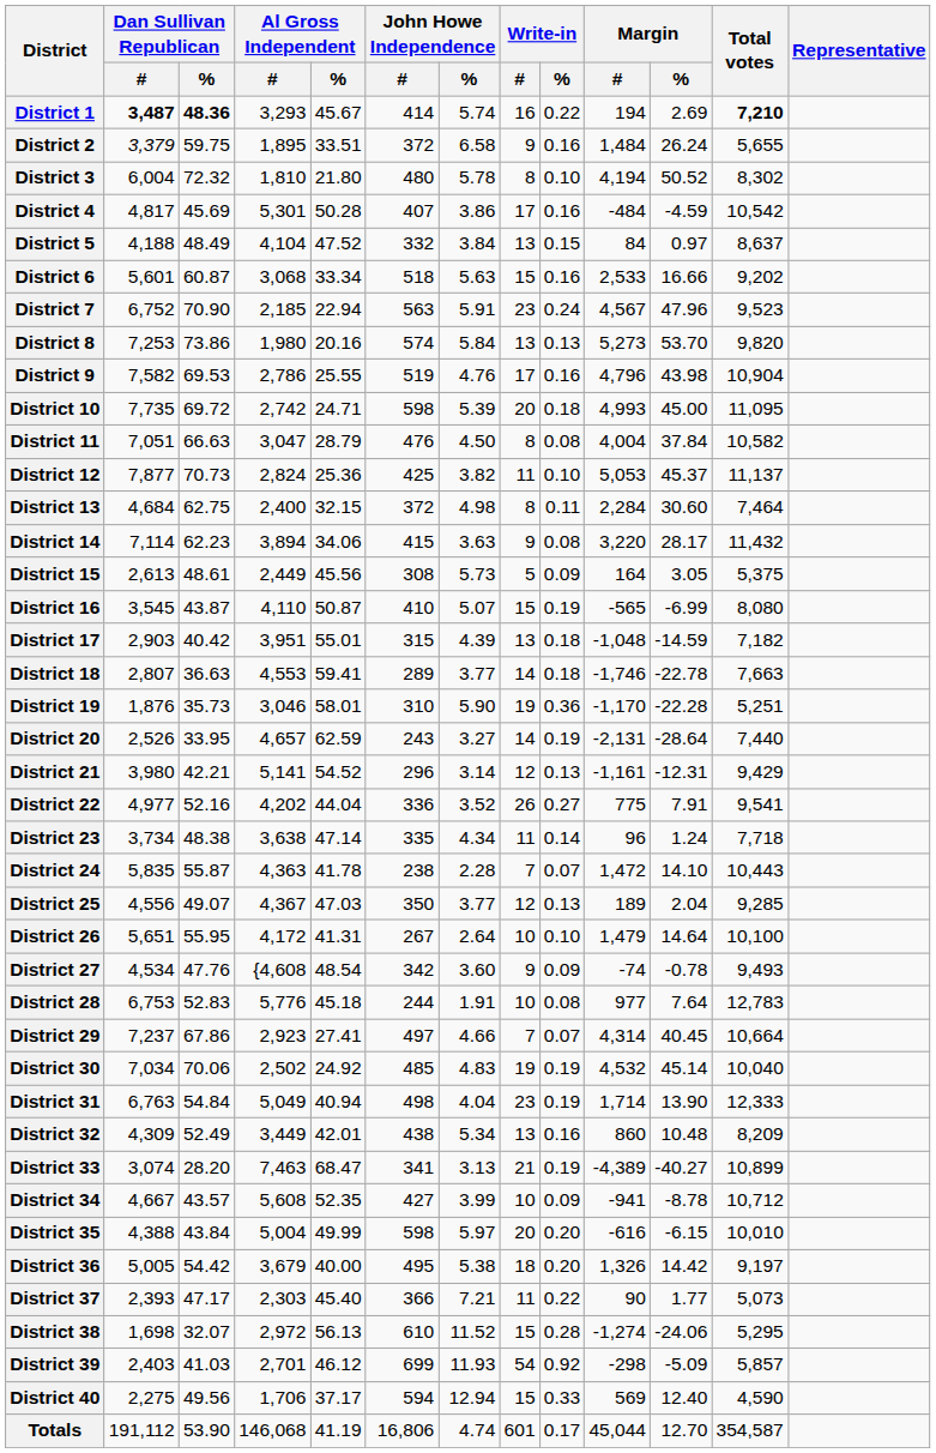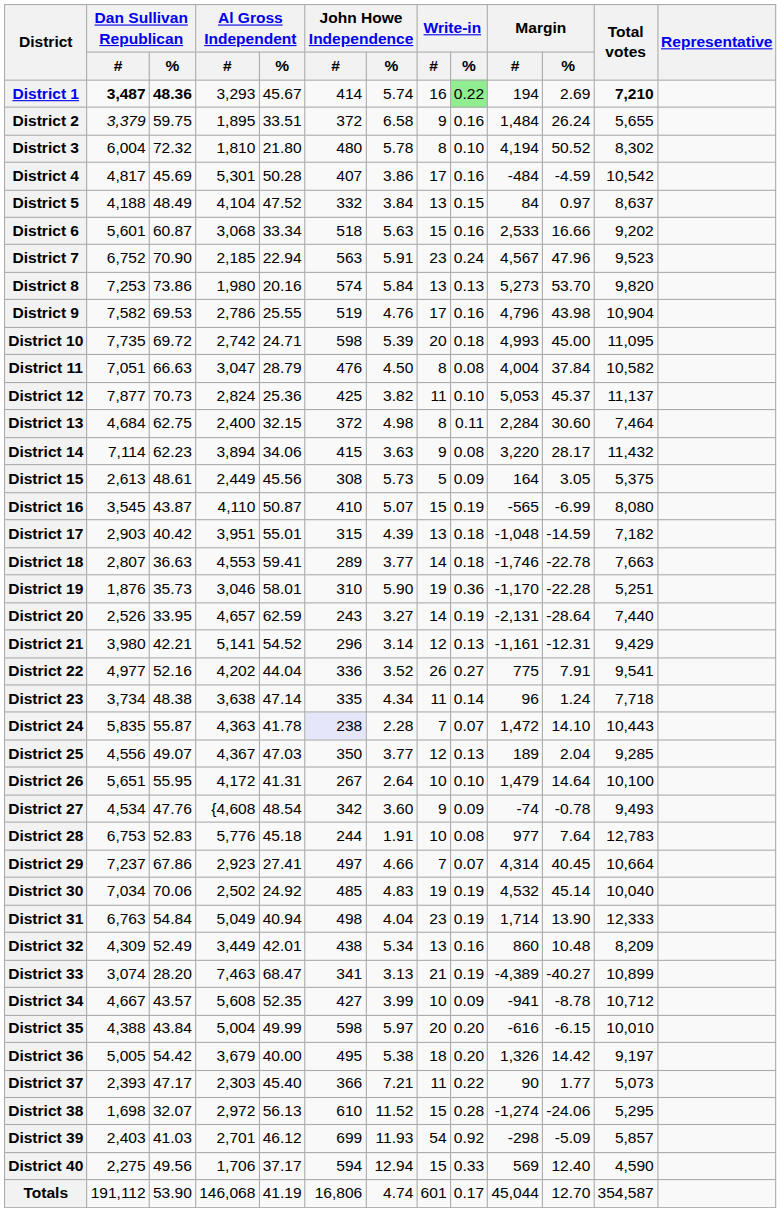 <table class="wikitable sortable"  style="text-align:right;font-size:90%;line-height:1.3">
 <tr>
 <th rowspan="2">District</th>
 <th colspan="2"><a href='#'>Dan Sullivan</a><br><a href='#'>Republican</a></th>
 <th colspan="2"><a href='#'>Al Gross</a><br><a href='#'>Independent</a></th>
 <th colspan="2">John Howe<br><a href='#'>Independence</a></th>
 <th colspan="2"><a href='#'>Write-in</a></th>
 <th colspan="2">Margin</th>
 <th rowspan="2">Total<br>votes</th>
 <th rowspan="2"><a href='#'>Representative</a></th>
 </tr>
 <tr>
 <th data-sort-type="number">#</th>
 <th data-sort-type="number">%</th>
 <th data-sort-type="number">#</th>
 <th data-sort-type="number">%</th>
 <th data-sort-type="number">#</th>
 <th data-sort-type="number">%</th>
 <th data-sort-type="number">#</th>
 <th data-sort-type="number">%</th>
 <th data-sort-type="number">#</th>
 <th data-sort-type="number">%</th>
 </tr>
 <tr>
 <th><a href='#'>District 1</a></th>
 <td><strong>3,487</strong></td>
 <td><strong>48.36</strong></td>
 <td>3,293</td>
 <td>45.67</td>
 <td>414</td>
 <td>5.74</td>
 <td>16</td>
-<td>0.22</td>
+<td style="background: lightgreen;">0.22</td>
 <td>194</td>
 <td>2.69</td>
 <td><strong>7,210</strong></td>
 <td align=center></td>
 </tr>
 <tr>
 <th>District 2</th>
 <td><em>3,379<strong></td>
 <td></strong>59.75<strong></td>
 <td>1,895</td>
 <td>33.51</td>
 <td>372</td>
 <td>6.58</td>
 <td>9</td>
 <td>0.16</td>
 <td>1,484</td>
 <td>26.24</td>
 <td></strong>5,655<strong></td>
 <td align=center></td>
 </tr>
 <tr>
 <th>District 3</th>
 <td></strong>6,004<strong></td>
 <td></strong>72.32<strong></td>
 <td>1,810</td>
 <td>21.80</td>
 <td>480</td>
 <td>5.78</td>
 <td>8</td>
 <td>0.10</td>
 <td>4,194</td>
 <td>50.52</td>
 <td></strong>8,302<strong></td>
 <td align=center></td>
 </tr>
 <tr>
 <th>District 4</th>
 <td>4,817</td>
 <td>45.69</td>
 <td></strong>5,301<strong></td>
 <td></strong>50.28<strong></td>
 <td>407</td>
 <td>3.86</td>
 <td>17</td>
 <td>0.16</td>
 <td>-484</td>
 <td>-4.59</td>
 <td></strong>10,542<strong></td>
 <td align=center ></td>
 </tr>
 <tr>
 <th>District 5</th>
 <td></strong>4,188<strong></td>
 <td></strong>48.49<strong></td>
 <td>4,104</td>
 <td>47.52</td>
 <td>332</td>
 <td>3.84</td>
 <td>13</td>
 <td>0.15</td>
 <td>84</td>
 <td>0.97</td>
 <td></strong>8,637<strong></td>
 <td align=center ></td>
 </tr>
 <tr>
 <th>District 6</th>
 <td></strong>5,601<strong></td>
 <td></strong>60.87<strong></td>
 <td>3,068</td>
 <td>33.34</td>
 <td>518</td>
 <td>5.63</td>
 <td>15</td>
 <td>0.16</td>
 <td>2,533</td>
 <td>16.66</td>
 <td></strong>9,202<strong></td>
 <td align=center></td>
 </tr>
 <tr>
 <th>District 7</th>
 <td></strong>6,752<strong></td>
 <td></strong>70.90<strong></td>
 <td>2,185</td>
 <td>22.94</td>
 <td>563</td>
 <td>5.91</td>
 <td>23</td>
 <td>0.24</td>
 <td>4,567</td>
 <td>47.96</td>
 <td></strong>9,523<strong></td>
 <td align=center></td>
 </tr>
 <tr>
 <th>District 8</th>
 <td></strong>7,253<strong></td>
 <td></strong>73.86<strong></td>
 <td>1,980</td>
 <td>20.16</td>
 <td>574</td>
 <td>5.84</td>
 <td>13</td>
 <td>0.13</td>
 <td>5,273</td>
 <td>53.70</td>
 <td></strong>9,820<strong></td>
 <td align=center></td>
 </tr>
 <tr>
 <th>District 9</th>
 <td></strong>7,582<strong></td>
 <td></strong>69.53<strong></td>
 <td>2,786</td>
 <td>25.55</td>
 <td>519</td>
 <td>4.76</td>
 <td>17</td>
 <td>0.16</td>
 <td>4,796</td>
 <td>43.98</td>
 <td></strong>10,904<strong></td>
 <td align=center></td>
 </tr>
 <tr>
 <th>District 10</th>
 <td></strong>7,735<strong></td>
 <td></strong>69.72<strong></td>
 <td>2,742</td>
 <td>24.71</td>
 <td>598</td>
 <td>5.39</td>
 <td>20</td>
 <td>0.18</td>
 <td>4,993</td>
 <td>45.00</td>
 <td></strong>11,095<strong></td>
 <td align=center></td>
 </tr>
 <tr>
 <th>District 11</th>
 <td></strong>7,051<strong></td>
 <td></strong>66.63<strong></td>
 <td>3,047</td>
 <td>28.79</td>
 <td>476</td>
 <td>4.50</td>
 <td>8</td>
 <td>0.08</td>
 <td>4,004</td>
 <td>37.84</td>
 <td></strong>10,582<strong></td>
 <td align=center></td>
 </tr>
 <tr>
 <th>District 12</th>
 <td></strong>7,877<strong></td>
 <td></strong>70.73<strong></td>
 <td>2,824</td>
 <td>25.36</td>
 <td>425</td>
 <td>3.82</td>
 <td>11</td>
 <td>0.10</td>
 <td>5,053</td>
 <td>45.37</td>
 <td></strong>11,137<strong></td>
 <td align=center></td>
 </tr>
 <tr>
 <th>District 13</th>
 <td></strong>4,684<strong></td>
 <td></strong>62.75<strong></td>
 <td>2,400</td>
 <td>32.15</td>
 <td>372</td>
 <td>4.98</td>
 <td>8</td>
 <td>0.11</td>
 <td>2,284</td>
 <td>30.60</td>
 <td></strong>7,464<strong></td>
 <td align=center></td>
 </tr>
 <tr>
 <th>District 14</th>
 <td></strong>7,114<strong></td>
 <td></strong>62.23<strong></td>
 <td>3,894</td>
 <td>34.06</td>
 <td>415</td>
 <td>3.63</td>
 <td>9</td>
 <td>0.08</td>
 <td>3,220</td>
 <td>28.17</td>
 <td></strong>11,432<strong></td>
 <td align=center></td>
 </tr>
 <tr>
 <th>District 15</th>
 <td></strong>2,613<strong></td>
 <td></strong>48.61<strong></td>
 <td>2,449</td>
 <td>45.56</td>
 <td>308</td>
 <td>5.73</td>
 <td>5</td>
 <td>0.09</td>
 <td>164</td>
 <td>3.05</td>
 <td></strong>5,375<strong></td>
 <td align=center></td>
 </tr>
 <tr>
 <th>District 16</th>
 <td>3,545</td>
 <td>43.87</td>
 <td></strong>4,110<strong></td>
 <td></strong>50.87<strong></td>
 <td>410</td>
 <td>5.07</td>
 <td>15</td>
 <td>0.19</td>
 <td>-565</td>
 <td>-6.99</td>
 <td></strong>8,080<strong></td>
 <td align=center ></td>
 </tr>
 <tr>
 <th>District 17</th>
 <td>2,903</td>
 <td>40.42</td>
 <td></strong>3,951<strong></td>
 <td></strong>55.01<strong></td>
 <td>315</td>
 <td>4.39</td>
 <td>13</td>
 <td>0.18</td>
 <td>-1,048</td>
 <td>-14.59</td>
 <td></strong>7,182<strong></td>
 <td align=center ></td>
 </tr>
 <tr>
 <th>District 18</th>
 <td>2,807</td>
 <td>36.63</td>
 <td></strong>4,553<strong></td>
 <td></strong>59.41<strong></td>
 <td>289</td>
 <td>3.77</td>
 <td>14</td>
 <td>0.18</td>
 <td>-1,746</td>
 <td>-22.78</td>
 <td></strong>7,663<strong></td>
 <td align=center ></td>
 </tr>
 <tr>
 <th>District 19</th>
 <td>1,876</td>
 <td>35.73</td>
 <td></strong>3,046<strong></td>
 <td></strong>58.01<strong></td>
 <td>310</td>
 <td>5.90</td>
 <td>19</td>
 <td>0.36</td>
 <td>-1,170</td>
 <td>-22.28</td>
 <td></strong>5,251<strong></td>
 <td align=center ></td>
 </tr>
 <tr>
 <th>District 20</th>
 <td>2,526</td>
 <td>33.95</td>
 <td></strong>4,657<strong></td>
 <td></strong>62.59<strong></td>
 <td>243</td>
 <td>3.27</td>
 <td>14</td>
 <td>0.19</td>
 <td>-2,131</td>
 <td>-28.64</td>
 <td></strong>7,440<strong></td>
 <td align=center ></td>
 </tr>
 <tr>
 <th>District 21</th>
 <td>3,980</td>
 <td>42.21</td>
 <td></strong>5,141<strong></td>
 <td></strong>54.52<strong></td>
 <td>296</td>
 <td>3.14</td>
 <td>12</td>
 <td>0.13</td>
 <td>-1,161</td>
 <td>-12.31</td>
 <td></strong>9,429<strong></td>
 <td align=center ></td>
 </tr>
 <tr>
 <th>District 22</th>
 <td></strong>4,977<strong></td>
 <td></strong>52.16<strong></td>
 <td>4,202</td>
 <td>44.04</td>
 <td>336</td>
 <td>3.52</td>
 <td>26</td>
 <td>0.27</td>
 <td>775</td>
 <td>7.91</td>
 <td></strong>9,541<strong></td>
 <td align=center></td>
 </tr>
 <tr>
 <th>District 23</th>
 <td></strong>3,734<strong></td>
 <td></strong>48.38<strong></td>
 <td>3,638</td>
 <td>47.14</td>
 <td>335</td>
 <td>4.34</td>
 <td>11</td>
 <td>0.14</td>
 <td>96</td>
 <td>1.24</td>
 <td></strong>7,718<strong></td>
 <td align=center ></td>
 </tr>
 <tr>
 <th>District 24</th>
 <td></strong>5,835<strong></td>
 <td></strong>55.87<strong></td>
 <td>4,363</td>
 <td>41.78</td>
-<td>238</td>
+<td style="background: lavender;">238</td>
 <td>2.28</td>
 <td>7</td>
 <td>0.07</td>
 <td>1,472</td>
 <td>14.10</td>
 <td></strong>10,443<strong></td>
 <td align=center></td>
 </tr>
 <tr>
 <th>District 25</th>
 <td></strong>4,556<strong></td>
 <td></strong>49.07<strong></td>
 <td>4,367</td>
 <td>47.03</td>
 <td>350</td>
 <td>3.77</td>
 <td>12</td>
 <td>0.13</td>
 <td>189</td>
 <td>2.04</td>
 <td></strong>9,285<strong></td>
 <td align=center ></td>
 </tr>
 <tr>
 <th>District 26</th>
 <td></strong>5,651<strong></td>
 <td></strong>55.95<strong></td>
 <td>4,172</td>
 <td>41.31</td>
 <td>267</td>
 <td>2.64</td>
 <td>10</td>
 <td>0.10</td>
 <td>1,479</td>
 <td>14.64</td>
 <td></strong>10,100<strong></td>
 <td align=center></td>
 </tr>
 <tr>
 <th>District 27</th>
 <td>4,534</td>
 <td>47.76</td>
 <td>{</strong>4,608<strong></td>
 <td></strong>48.54<strong></td>
 <td>342</td>
 <td>3.60</td>
 <td>9</td>
 <td>0.09</td>
 <td>-74</td>
 <td>-0.78</td>
 <td></strong>9,493<strong></td>
 <td align=center ></td>
 </tr>
 <tr>
 <th>District 28</th>
 <td></strong>6,753<strong></td>
 <td></strong>52.83<strong></td>
 <td>5,776</td>
 <td>45.18</td>
 <td>244</td>
 <td>1.91</td>
 <td>10</td>
 <td>0.08</td>
 <td>977</td>
 <td>7.64</td>
 <td></strong>12,783<strong></td>
 <td align=center></td>
 </tr>
 <tr>
 <th>District 29</th>
 <td></strong>7,237<strong></td>
 <td></strong>67.86<strong></td>
 <td>2,923</td>
 <td>27.41</td>
 <td>497</td>
 <td>4.66</td>
 <td>7</td>
 <td>0.07</td>
 <td>4,314</td>
 <td>40.45</td>
 <td></strong>10,664<strong></td>
 <td align=center></td>
 </tr>
 <tr>
 <th>District 30</th>
 <td></strong>7,034<strong></td>
 <td></strong>70.06<strong></td>
 <td>2,502</td>
 <td>24.92</td>
 <td>485</td>
 <td>4.83</td>
 <td>19</td>
 <td>0.19</td>
 <td>4,532</td>
 <td>45.14</td>
 <td></strong>10,040<strong></td>
 <td align=center></td>
 </tr>
 <tr>
 <th>District 31</th>
 <td></strong>6,763<strong></td>
 <td></strong>54.84<strong></td>
 <td>5,049</td>
 <td>40.94</td>
 <td>498</td>
 <td>4.04</td>
 <td>23</td>
 <td>0.19</td>
 <td>1,714</td>
 <td>13.90</td>
 <td></strong>12,333<strong></td>
 <td align=center></td>
 </tr>
 <tr>
 <th>District 32</th>
 <td></strong>4,309<strong></td>
 <td></strong>52.49<strong></td>
 <td>3,449</td>
 <td>42.01</td>
 <td>438</td>
 <td>5.34</td>
 <td>13</td>
 <td>0.16</td>
 <td>860</td>
 <td>10.48</td>
 <td></strong>8,209<strong></td>
 <td align=center></td>
 </tr>
 <tr>
 <th>District 33</th>
 <td>3,074</td>
 <td>28.20</td>
 <td></strong>7,463<strong></td>
 <td></strong>68.47<strong></td>
 <td>341</td>
 <td>3.13</td>
 <td>21</td>
 <td>0.19</td>
 <td>-4,389</td>
 <td>-40.27</td>
 <td></strong>10,899<strong></td>
 <td align=center ></td>
 </tr>
 <tr>
 <th>District 34</th>
 <td>4,667</td>
 <td>43.57</td>
 <td></strong>5,608<strong></td>
 <td></strong>52.35<strong></td>
 <td>427</td>
 <td>3.99</td>
 <td>10</td>
 <td>0.09</td>
 <td>-941</td>
 <td>-8.78</td>
 <td></strong>10,712<strong></td>
 <td align=center ></td>
 </tr>
 <tr>
 <th>District 35</th>
 <td>4,388</td>
 <td>43.84</td>
 <td></strong>5,004<strong></td>
 <td></strong>49.99<strong></td>
 <td>598</td>
 <td>5.97</td>
 <td>20</td>
 <td>0.20</td>
 <td>-616</td>
 <td>-6.15</td>
 <td></strong>10,010<strong></td>
 <td align=center ></td>
 </tr>
 <tr>
 <th>District 36</th>
 <td></strong>5,005<strong></td>
 <td></strong>54.42<strong></td>
 <td>3,679</td>
 <td>40.00</td>
 <td>495</td>
 <td>5.38</td>
 <td>18</td>
 <td>0.20</td>
 <td>1,326</td>
 <td>14.42</td>
 <td></strong>9,197<strong></td>
 <td align=center ></td>
 </tr>
 <tr>
 <th>District 37</th>
 <td></strong>2,393<strong></td>
 <td></strong>47.17<strong></td>
 <td>2,303</td>
 <td>45.40</td>
 <td>366</td>
 <td>7.21</td>
 <td>11</td>
 <td>0.22</td>
 <td>90</td>
 <td>1.77</td>
 <td></strong>5,073<strong></td>
 <td align=center ></td>
 </tr>
 <tr>
 <th>District 38</th>
 <td>1,698</td>
 <td>32.07</td>
 <td></strong>2,972<strong></td>
 <td></strong>56.13<strong></td>
 <td>610</td>
 <td>11.52</td>
 <td>15</td>
 <td>0.28</td>
 <td>-1,274</td>
 <td>-24.06</td>
 <td></strong>5,295<strong></td>
 <td align=center ></td>
 </tr>
 <tr>
 <th>District 39</th>
 <td>2,403</td>
 <td>41.03</td>
 <td></strong>2,701<strong></td>
 <td></strong>46.12<strong></td>
 <td>699</td>
 <td>11.93</td>
 <td>54</td>
 <td>0.92</td>
 <td>-298</td>
 <td>-5.09</td>
 <td></strong>5,857<strong></td>
 <td align=center ></td>
 </tr>
 <tr>
 <th>District 40</th>
 <td></strong>2,275<strong></td>
 <td></strong>49.56<strong></td>
 <td>1,706</td>
 <td>37.17</td>
 <td>594</td>
 <td>12.94</td>
 <td>15</td>
 <td>0.33</td>
 <td>569</td>
 <td>12.40</td>
 <td></strong>4,590<strong></td>
 <td align=center ></td>
 </tr>
 <tr class="sortbottom">
 <th>Totals</th>
 <td></strong>191,112<strong></td>
 <td></strong>53.90<strong></td>
 <td>146,068</td>
 <td>41.19</td>
 <td>16,806</td>
 <td>4.74</td>
 <td>601</td>
 <td>0.17</td>
 <td></strong>45,044<strong></td>
 <td></strong>12.70<strong></td>
 <td></strong>354,587<strong></td>
 </tr>
 </table>
